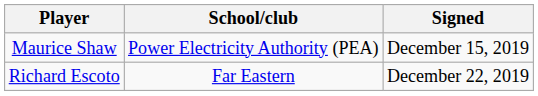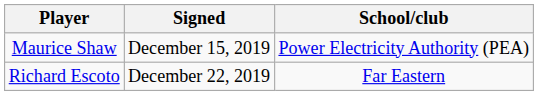 <table class="wikitable sortable sortable" style="text-align: center">
 <tr>
 <th>Player</th>
+<th>Signed</th>
 <th>School/club</th>
-<th>Signed</th>
 </tr>
 <tr style="text-align: center">
 <td><a href='#'>Maurice Shaw</a></td>
+<td>December 15, 2019</td>
 <td><a href='#'>Power Electricity Authority</a> (PEA)</td>
-<td>December 15, 2019</td>
 </tr>
 <tr style="text-align: center">
 <td><a href='#'>Richard Escoto</a></td>
+<td>December 22, 2019</td>
 <td><a href='#'>Far Eastern</a></td>
-<td>December 22, 2019</td>
 </tr>
 </table>
